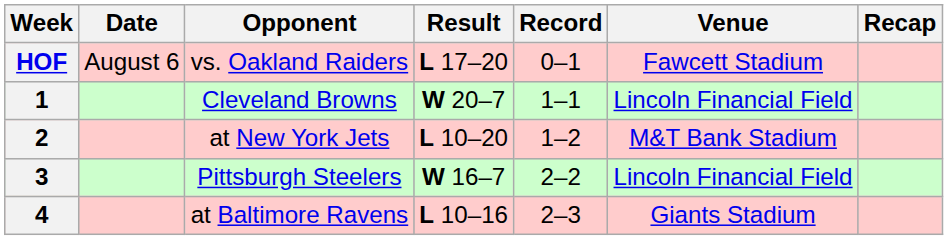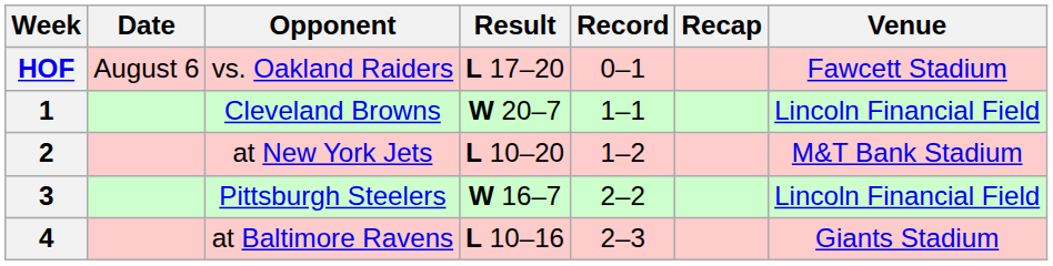 <table class="wikitable" style="text-align:center">
 <tr>
 <th>Week</th>
 <th>Date</th>
 <th>Opponent</th>
 <th>Result</th>
 <th>Record</th>
+<th>Recap</th>
 <th>Venue</th>
-<th>Recap</th>
 </tr>
 <tr style="background:#fcc">
 <th><a href='#'>HOF</a></th>
 <td>August 6</td>
 <td>vs. <a href='#'>Oakland Raiders</a></td>
 <td><strong>L</strong> 17–20</td>
 <td>0–1</td>
+<td></td>
 <td><a href='#'>Fawcett Stadium</a> </td>
-<td></td>
 </tr>
 <tr style="background:#cfc">
 <th>1</th>
 <td></td>
 <td><a href='#'>Cleveland Browns</a></td>
 <td><strong>W</strong> 20–7</td>
 <td>1–1</td>
+<td></td>
 <td><a href='#'>Lincoln Financial Field</a></td>
-<td></td>
 </tr>
 <tr style="background:#fcc">
 <th>2</th>
 <td></td>
 <td>at <a href='#'>New York Jets</a></td>
 <td><strong>L</strong> 10–20</td>
 <td>1–2</td>
+<td></td>
 <td><a href='#'>M&T Bank Stadium</a></td>
-<td></td>
 </tr>
 <tr style="background:#cfc">
 <th>3</th>
 <td></td>
 <td><a href='#'>Pittsburgh Steelers</a></td>
 <td><strong>W</strong> 16–7</td>
 <td>2–2</td>
+<td></td>
 <td><a href='#'>Lincoln Financial Field</a></td>
-<td></td>
 </tr>
 <tr style="background:#fcc">
 <th>4</th>
 <td></td>
 <td>at <a href='#'>Baltimore Ravens</a></td>
 <td><strong>L</strong> 10–16</td>
 <td>2–3</td>
+<td></td>
 <td><a href='#'>Giants Stadium</a></td>
-<td></td>
 </tr>
 </table>
